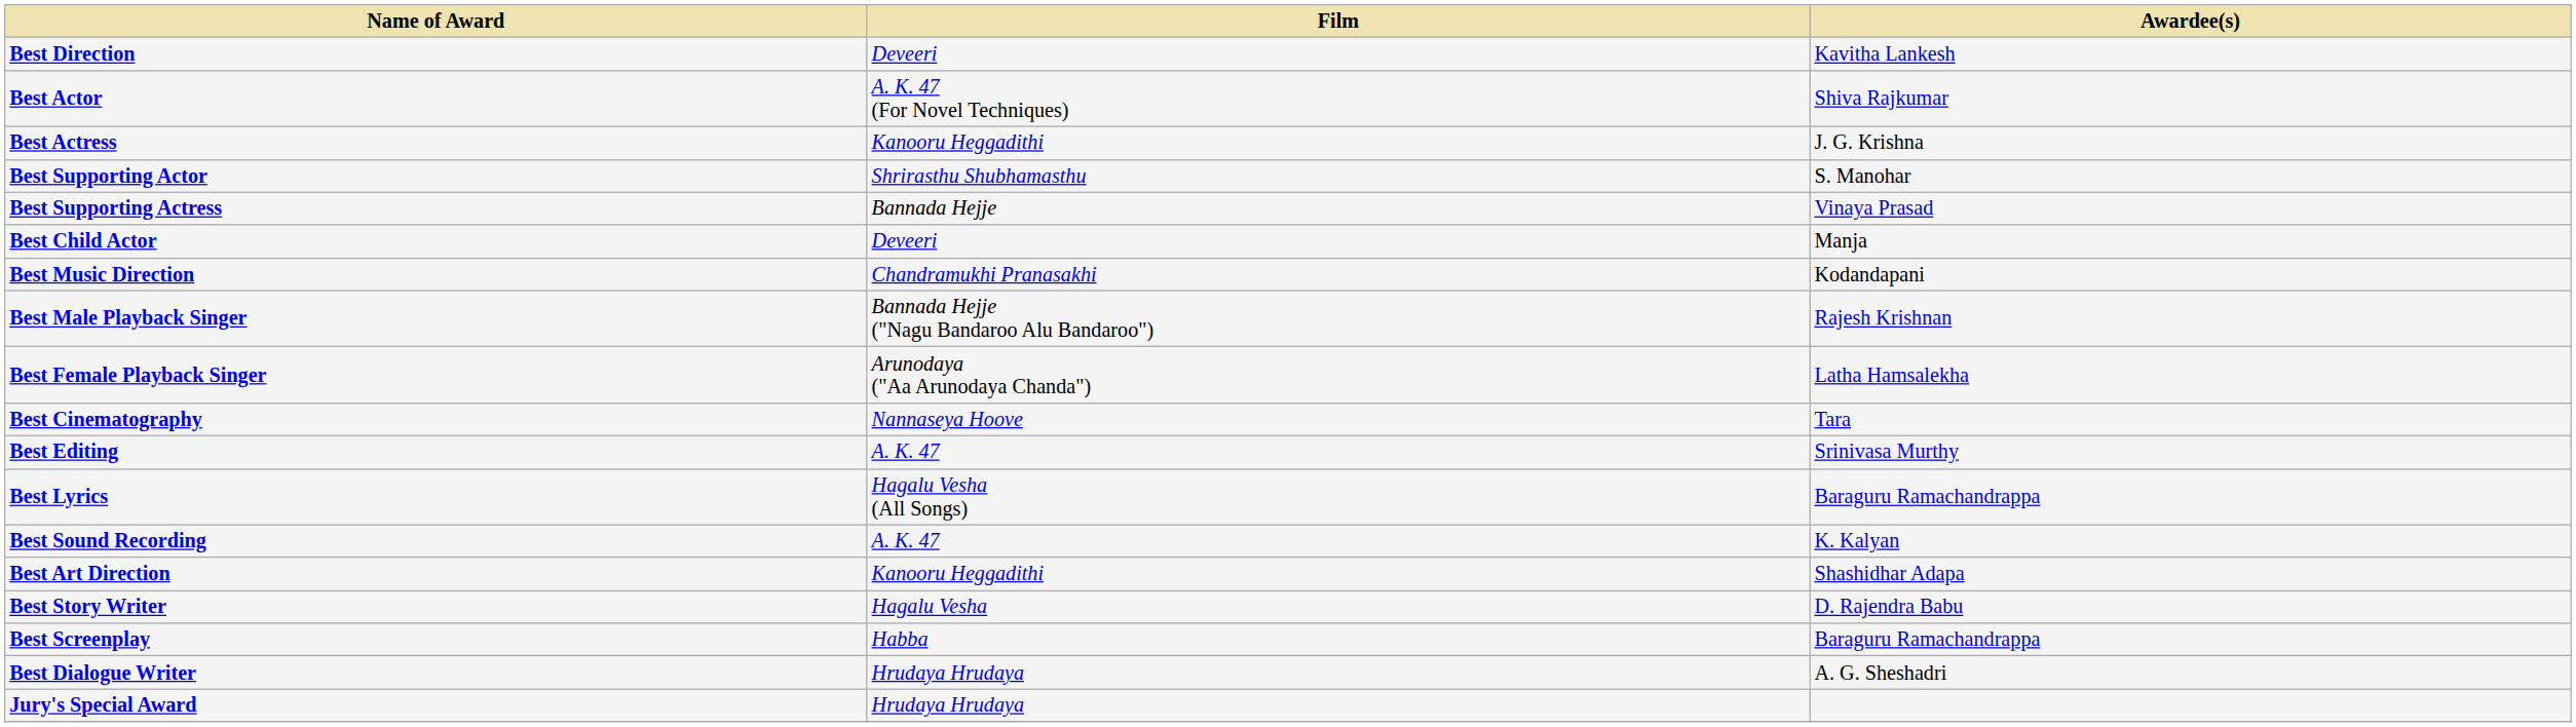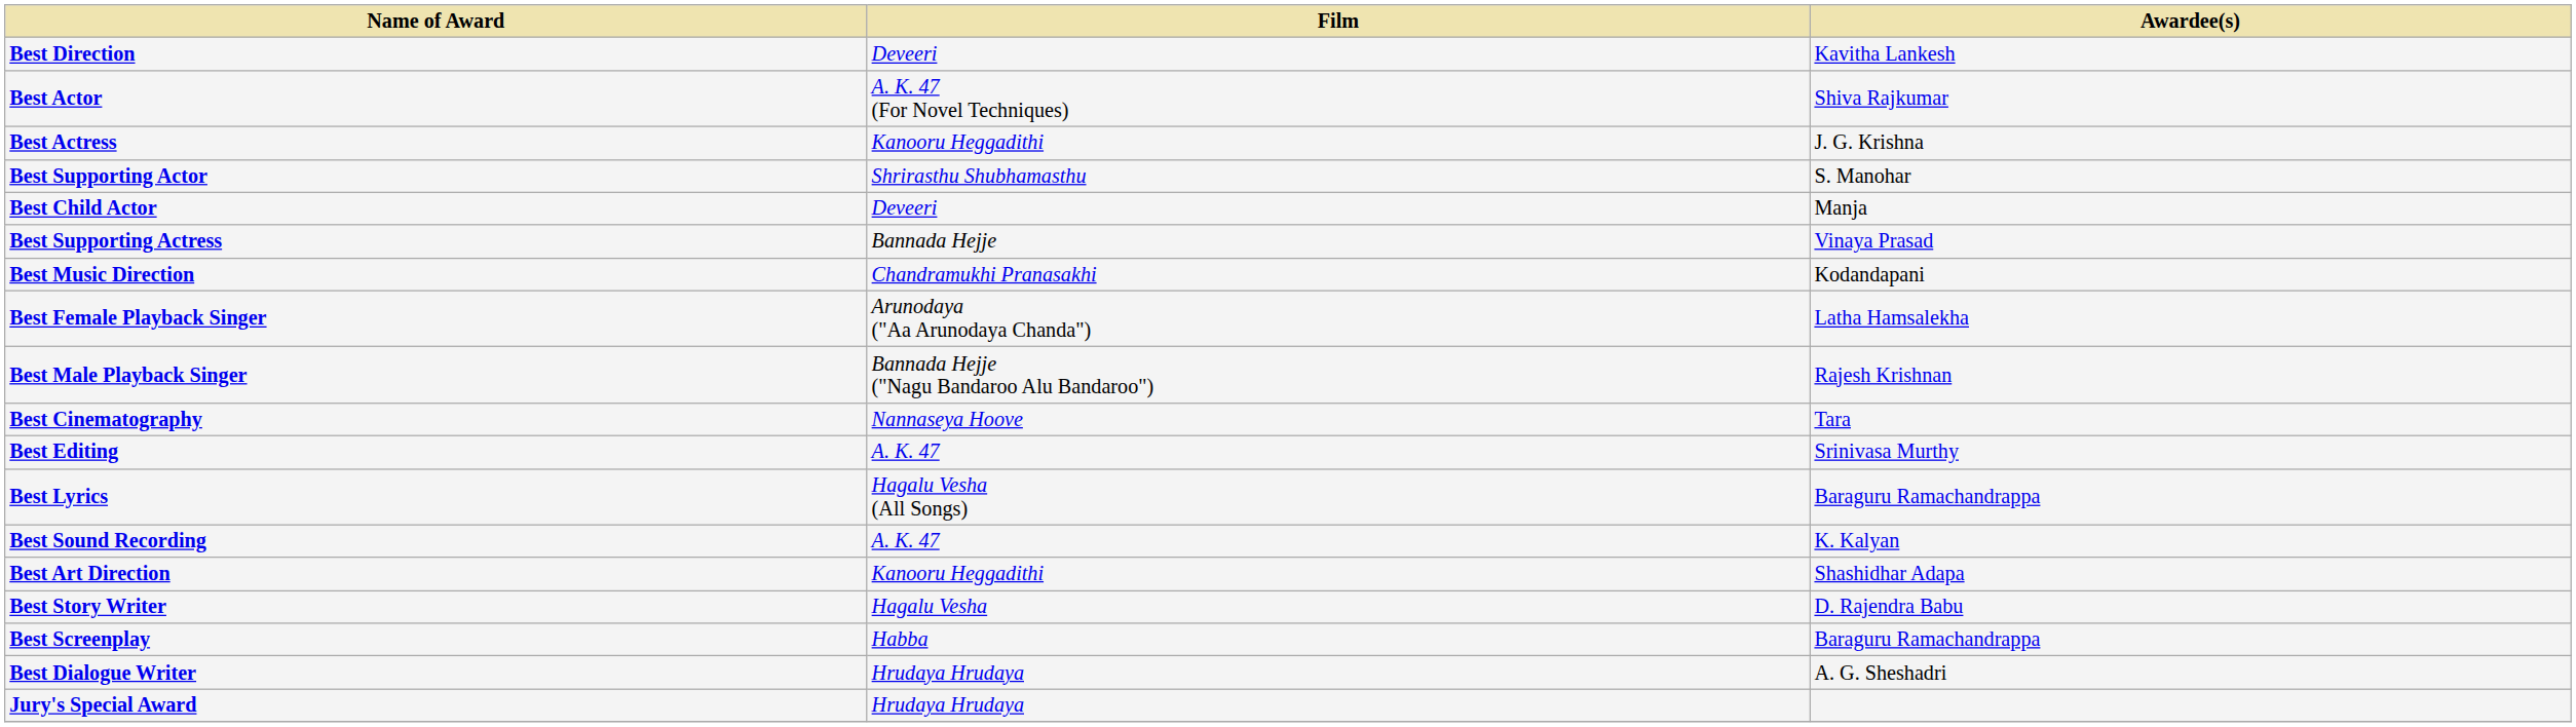 <table class="wikitable" style="width:100%;">
 <tr>
 <th style="background-color:#EFE4B0;">Name of Award</th>
 <th style="background-color:#EFE4B0;">Film</th>
 <th style="background-color:#EFE4B0;">Awardee(s)</th>
 </tr>
 <tr style="background-color:#F4F4F4">
 <td><strong><a href='#'>Best Direction</a></strong></td>
 <td><em><a href='#'>Deveeri</a></em></td>
 <td><a href='#'>Kavitha Lankesh</a></td>
 </tr>
 <tr style="background-color:#F4F4F4">
 <td><strong><a href='#'>Best Actor</a></strong></td>
 <td><em><a href='#'>A. K. 47</a></em><br>(For Novel Techniques)</td>
 <td><a href='#'>Shiva Rajkumar</a></td>
 </tr>
 <tr style="background-color:#F4F4F4">
 <td><strong><a href='#'>Best Actress</a></strong></td>
 <td><em><a href='#'>Kanooru Heggadithi</a></em></td>
 <td>J. G. Krishna</td>
 </tr>
 <tr style="background-color:#F4F4F4">
 <td><strong><a href='#'>Best Supporting Actor</a></strong></td>
 <td><em><a href='#'>Shrirasthu Shubhamasthu</a></em></td>
 <td>S. Manohar</td>
 </tr>
 <tr style="background-color:#F4F4F4">
+<td><strong><a href='#'>Best Child Actor</a></strong></td>
+<td><em><a href='#'>Deveeri</a></em></td>
+<td>Manja</td>
+</tr>
+<tr style="background-color:#F4F4F4">
 <td><strong><a href='#'>Best Supporting Actress</a></strong></td>
 <td><em>Bannada Hejje</em></td>
 <td><a href='#'>Vinaya Prasad</a></td>
-</tr>
-<tr style="background-color:#F4F4F4">
-<td><strong><a href='#'>Best Child Actor</a></strong></td>
-<td><em><a href='#'>Deveeri</a></em></td>
-<td>Manja</td>
 </tr>
 <tr style="background-color:#F4F4F4">
 <td><strong><a href='#'>Best Music Direction</a></strong></td>
 <td><em><a href='#'>Chandramukhi Pranasakhi</a></em></td>
 <td>Kodandapani</td>
 </tr>
 <tr style="background-color:#F4F4F4">
+<td><strong><a href='#'>Best Female Playback Singer</a></strong></td>
+<td><em>Arunodaya</em><br>("Aa Arunodaya Chanda")</td>
+<td><a href='#'>Latha Hamsalekha</a></td>
+</tr>
+<tr style="background-color:#F4F4F4">
 <td><strong><a href='#'>Best Male Playback Singer</a></strong></td>
 <td><em>Bannada Hejje</em><br>("Nagu Bandaroo Alu Bandaroo")</td>
 <td><a href='#'>Rajesh Krishnan</a></td>
-</tr>
-<tr style="background-color:#F4F4F4">
-<td><strong><a href='#'>Best Female Playback Singer</a></strong></td>
-<td><em>Arunodaya</em><br>("Aa Arunodaya Chanda")</td>
-<td><a href='#'>Latha Hamsalekha</a></td>
 </tr>
 <tr style="background-color:#F4F4F4">
 <td><strong><a href='#'>Best Cinematography</a></strong></td>
 <td><em><a href='#'>Nannaseya Hoove</a></em></td>
 <td><a href='#'>Tara</a></td>
 </tr>
 <tr style="background-color:#F4F4F4">
 <td><strong><a href='#'>Best Editing</a></strong></td>
 <td><em><a href='#'>A. K. 47</a></em></td>
 <td><a href='#'>Srinivasa Murthy</a></td>
 </tr>
 <tr style="background-color:#F4F4F4">
 <td><strong><a href='#'>Best Lyrics</a></strong></td>
 <td><em><a href='#'>Hagalu Vesha</a></em><br>(All Songs)</td>
 <td><a href='#'>Baraguru Ramachandrappa</a></td>
 </tr>
 <tr style="background-color:#F4F4F4">
 <td><strong><a href='#'>Best Sound Recording</a></strong></td>
 <td><em><a href='#'>A. K. 47</a></em></td>
 <td><a href='#'>K. Kalyan</a></td>
 </tr>
 <tr style="background-color:#F4F4F4">
 <td><strong><a href='#'>Best Art Direction</a></strong></td>
 <td><em><a href='#'>Kanooru Heggadithi</a></em></td>
 <td><a href='#'>Shashidhar Adapa</a></td>
 </tr>
 <tr style="background-color:#F4F4F4">
 <td><strong><a href='#'>Best Story Writer</a></strong></td>
 <td><em><a href='#'>Hagalu Vesha</a></em></td>
 <td><a href='#'>D. Rajendra Babu</a></td>
 </tr>
 <tr style="background-color:#F4F4F4">
 <td><strong><a href='#'>Best Screenplay</a></strong></td>
 <td><em><a href='#'>Habba</a></em></td>
 <td><a href='#'>Baraguru Ramachandrappa</a></td>
 </tr>
 <tr style="background-color:#F4F4F4">
 <td><strong><a href='#'>Best Dialogue Writer</a></strong></td>
 <td><em><a href='#'>Hrudaya Hrudaya</a></em></td>
 <td>A. G. Sheshadri</td>
 </tr>
 <tr style="background-color:#F4F4F4">
 <td><strong><a href='#'>Jury's Special Award</a></strong></td>
 <td><em><a href='#'>Hrudaya Hrudaya</a></em></td>
 <td></td>
 </tr>
 <tr style="background-color:#F4F4F4">
 </tr>
 </table>
